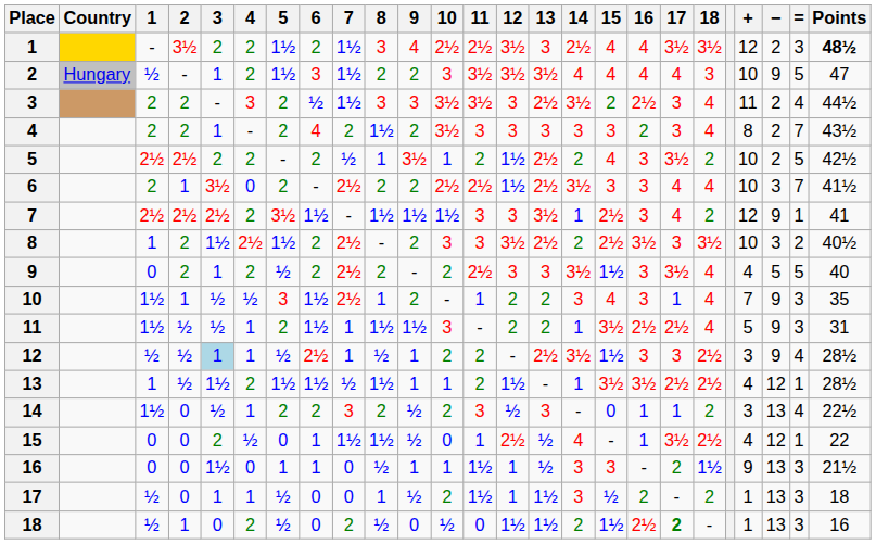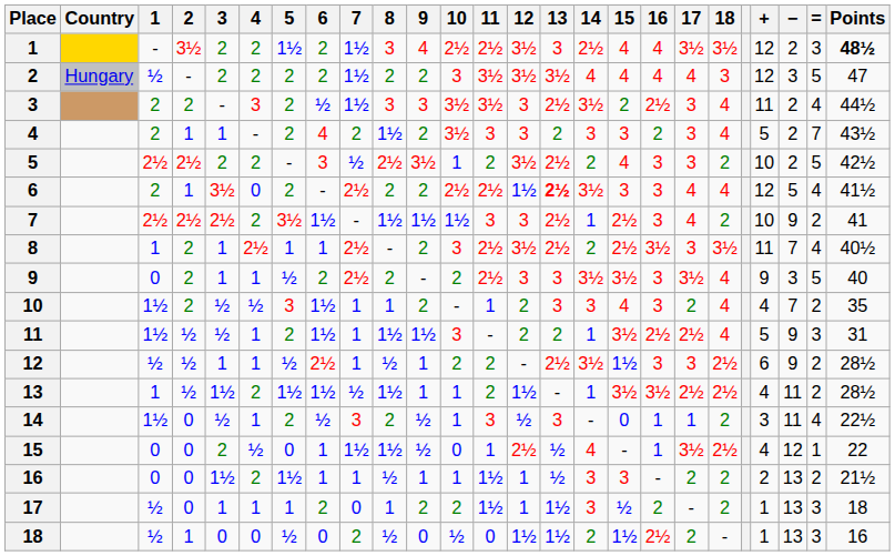 <table class="wikitable" style="text-align:center">
 <tr>
 <th>Place</th>
 <th>Country</th>
 <th>1</th>
 <th>2</th>
 <th>3</th>
 <th>4</th>
 <th>5</th>
 <th>6</th>
 <th>7</th>
 <th>8</th>
 <th>9</th>
 <th>10</th>
 <th>11</th>
 <th>12</th>
 <th>13</th>
 <th>14</th>
 <th>15</th>
 <th>16</th>
 <th>17</th>
 <th>18</th>
 <th></th>
 <th>+</th>
 <th>−</th>
 <th>=</th>
 <th>Points</th>
 </tr>
 <tr>
 <th>1</th>
 <td align=left bgcolor="gold"></td>
 <td>-</td>
 <td style="color: red;">3½</td>
 <td style="color: green">2</td>
 <td style="color: green">2</td>
 <td style="color: blue;">1½</td>
 <td style="color: green">2</td>
 <td style="color: blue;">1½</td>
 <td style="color: red;">3</td>
 <td style="color: red;">4</td>
 <td style="color: red;">2½</td>
 <td style="color: red;">2½</td>
 <td style="color: red;">3½</td>
 <td style="color: red;">3</td>
 <td style="color: red;">2½</td>
 <td style="color: red;">4</td>
 <td style="color: red;">4</td>
 <td style="color: red;">3½</td>
 <td style="color: red;">3½</td>
 <th></th>
 <td>12</td>
 <td>2</td>
 <td>3</td>
 <td><strong>48½</strong></td>
 </tr>
 <tr>
 <th>2</th>
 <td align=left bgcolor="silver"> <a href='#'>Hungary</a></td>
 <td style="color: blue;">½</td>
 <td>-</td>
-<td style="color: blue;">1</td>
 <td style="color: green">2</td>
-<td style="color: blue;">1½</td>
-<td style="color: red;">3</td>
+<td style="color: green">2</td>
+<td style="color: green">2</td>
+<td style="color: green">2</td>
 <td style="color: blue;">1½</td>
 <td style="color: green">2</td>
 <td style="color: green">2</td>
 <td style="color: red;">3</td>
 <td style="color: red;">3½</td>
 <td style="color: red;">3½</td>
 <td style="color: red;">3½</td>
 <td style="color: red;">4</td>
 <td style="color: red;">4</td>
 <td style="color: red;">4</td>
 <td style="color: red;">4</td>
 <td style="color: red;">3</td>
 <th></th>
-<td>10</td>
-<td>9</td>
+<td>12</td>
+<td>3</td>
 <td>5</td>
 <td>47</td>
 </tr>
 <tr>
 <th>3</th>
 <td align=left bgcolor="CC9966"></td>
 <td style="color: green">2</td>
 <td style="color: green">2</td>
 <td>-</td>
 <td style="color: red;">3</td>
 <td style="color: green">2</td>
 <td style="color: blue;">½</td>
 <td style="color: blue;">1½</td>
 <td style="color: red;">3</td>
 <td style="color: red;">3</td>
 <td style="color: red;">3½</td>
 <td style="color: red;">3½</td>
 <td style="color: red;">3</td>
 <td style="color: red;">2½</td>
 <td style="color: red;">3½</td>
 <td style="color: green">2</td>
 <td style="color: red;">2½</td>
 <td style="color: red;">3</td>
 <td style="color: red;">4</td>
 <th></th>
 <td>11</td>
 <td>2</td>
 <td>4</td>
 <td>44½</td>
 </tr>
 <tr>
 <th>4</th>
 <td align=left></td>
 <td style="color: green">2</td>
-<td style="color: green">2</td>
+<td style="color: blue;">1</td>
 <td style="color: blue;">1</td>
 <td>-</td>
 <td style="color: green">2</td>
 <td style="color: red;">4</td>
 <td style="color: green">2</td>
 <td style="color: blue;">1½</td>
 <td style="color: green">2</td>
 <td style="color: red;">3½</td>
 <td style="color: red;">3</td>
 <td style="color: red;">3</td>
-<td style="color: red;">3</td>
+<td style="color: green">2</td>
 <td style="color: red;">3</td>
 <td style="color: red;">3</td>
 <td style="color: green">2</td>
 <td style="color: red;">3</td>
 <td style="color: red;">4</td>
 <th></th>
-<td>8</td>
+<td>5</td>
 <td>2</td>
 <td>7</td>
 <td>43½</td>
 </tr>
 <tr>
 <th>5</th>
 <td align=left></td>
 <td style="color: red;">2½</td>
 <td style="color: red;">2½</td>
 <td style="color: green">2</td>
 <td style="color: green">2</td>
 <td>-</td>
-<td style="color: green">2</td>
+<td style="color: red;">3</td>
 <td style="color: blue;">½</td>
-<td style="color: blue;">1</td>
+<td style="color: red;">2½</td>
 <td style="color: red;">3½</td>
 <td style="color: blue;">1</td>
 <td style="color: green">2</td>
-<td style="color: blue;">1½</td>
+<td style="color: red;">3½</td>
 <td style="color: red;">2½</td>
 <td style="color: green">2</td>
 <td style="color: red;">4</td>
 <td style="color: red;">3</td>
-<td style="color: red;">3½</td>
+<td style="color: red;">3</td>
 <td style="color: green">2</td>
 <th></th>
 <td>10</td>
 <td>2</td>
 <td>5</td>
 <td>42½</td>
 </tr>
 <tr>
 <th>6</th>
 <td align=left></td>
 <td style="color: green">2</td>
 <td style="color: blue;">1</td>
 <td style="color: red;">3½</td>
 <td style="color: blue;">0</td>
 <td style="color: green">2</td>
 <td>-</td>
 <td style="color: red;">2½</td>
 <td style="color: green">2</td>
 <td style="color: green">2</td>
 <td style="color: red;">2½</td>
 <td style="color: red;">2½</td>
 <td style="color: blue;">1½</td>
-<td style="color: red;">2½</td>
+<td style="color: red;"><strong>2½</strong></td>
 <td style="color: red;">3½</td>
 <td style="color: red;">3</td>
 <td style="color: red;">3</td>
 <td style="color: red;">4</td>
 <td style="color: red;">4</td>
 <th></th>
-<td>10</td>
-<td>3</td>
-<td>7</td>
+<td>12</td>
+<td>5</td>
+<td>4</td>
 <td>41½</td>
 </tr>
 <tr>
 <th>7</th>
 <td align=left></td>
 <td style="color: red;">2½</td>
 <td style="color: red;">2½</td>
 <td style="color: red;">2½</td>
 <td style="color: green">2</td>
 <td style="color: red;">3½</td>
 <td style="color: blue;">1½</td>
 <td>-</td>
 <td style="color: blue;">1½</td>
 <td style="color: blue;">1½</td>
 <td style="color: blue;">1½</td>
 <td style="color: red;">3</td>
 <td style="color: red;">3</td>
-<td style="color: red;">3½</td>
+<td style="color: red;">2½</td>
 <td style="color: blue;">1</td>
 <td style="color: red;">2½</td>
 <td style="color: red;">3</td>
 <td style="color: red;">4</td>
 <td style="color: green">2</td>
 <th></th>
-<td>12</td>
+<td>10</td>
 <td>9</td>
-<td>1</td>
+<td>2</td>
 <td>41</td>
 </tr>
 <tr>
 <th>8</th>
 <td align=left></td>
 <td style="color: blue;">1</td>
 <td style="color: green">2</td>
-<td style="color: blue;">1½</td>
+<td style="color: blue;">1</td>
 <td style="color: red;">2½</td>
-<td style="color: blue;">1½</td>
-<td style="color: green">2</td>
+<td style="color: blue;">1</td>
+<td style="color: blue;">1</td>
 <td style="color: red;">2½</td>
 <td>-</td>
 <td style="color: green">2</td>
 <td style="color: red;">3</td>
-<td style="color: red;">3</td>
+<td style="color: red;">2½</td>
 <td style="color: red;">3½</td>
 <td style="color: red;">2½</td>
 <td style="color: green">2</td>
 <td style="color: red;">2½</td>
 <td style="color: red;">3½</td>
 <td style="color: red;">3</td>
 <td style="color: red;">3½</td>
 <th></th>
-<td>10</td>
-<td>3</td>
-<td>2</td>
+<td>11</td>
+<td>7</td>
+<td>4</td>
 <td>40½</td>
 </tr>
 <tr>
 <th>9</th>
 <td align=left></td>
 <td style="color: blue;">0</td>
 <td style="color: green">2</td>
 <td style="color: blue;">1</td>
-<td style="color: green">2</td>
+<td style="color: blue;">1</td>
 <td style="color: blue;">½</td>
 <td style="color: green">2</td>
 <td style="color: red;">2½</td>
 <td style="color: green">2</td>
 <td>-</td>
 <td style="color: green">2</td>
 <td style="color: red;">2½</td>
 <td style="color: red;">3</td>
 <td style="color: red;">3</td>
 <td style="color: red;">3½</td>
-<td style="color: blue;">1½</td>
+<td style="color: red;">3½</td>
 <td style="color: red;">3</td>
 <td style="color: red;">3½</td>
 <td style="color: red;">4</td>
 <th></th>
-<td>4</td>
-<td>5</td>
+<td>9</td>
+<td>3</td>
 <td>5</td>
 <td>40</td>
 </tr>
 <tr>
 <th>10</th>
 <td align=left></td>
 <td style="color: blue;">1½</td>
-<td style="color: blue;">1</td>
+<td style="color: green">2</td>
 <td style="color: blue;">½</td>
 <td style="color: blue;">½</td>
 <td style="color: red;">3</td>
 <td style="color: blue;">1½</td>
-<td style="color: red;">2½</td>
+<td style="color: blue;">1</td>
 <td style="color: blue;">1</td>
 <td style="color: green">2</td>
 <td>-</td>
 <td style="color: blue;">1</td>
 <td style="color: green">2</td>
-<td style="color: green">2</td>
+<td style="color: red;">3</td>
 <td style="color: red;">3</td>
 <td style="color: red;">4</td>
 <td style="color: red;">3</td>
-<td style="color: blue;">1</td>
+<td style="color: green">2</td>
 <td style="color: red;">4</td>
 <th></th>
+<td>4</td>
 <td>7</td>
-<td>9</td>
-<td>3</td>
+<td>2</td>
 <td>35</td>
 </tr>
 <tr>
 <th>11</th>
 <td align=left></td>
 <td style="color: blue;">1½</td>
 <td style="color: blue;">½</td>
 <td style="color: blue;">½</td>
 <td style="color: blue;">1</td>
 <td style="color: green">2</td>
 <td style="color: blue;">1½</td>
 <td style="color: blue;">1</td>
 <td style="color: blue;">1½</td>
 <td style="color: blue;">1½</td>
 <td style="color: red;">3</td>
 <td>-</td>
 <td style="color: green">2</td>
 <td style="color: green">2</td>
 <td style="color: blue;">1</td>
 <td style="color: red;">3½</td>
 <td style="color: red;">2½</td>
 <td style="color: red;">2½</td>
 <td style="color: red;">4</td>
 <th></th>
 <td>5</td>
 <td>9</td>
 <td>3</td>
 <td>31</td>
 </tr>
 <tr>
 <th>12</th>
 <td align=left></td>
 <td style="color: blue;">½</td>
 <td style="color: blue;">½</td>
-<td style="background: lightblue; color: blue;">1</td>
+<td style="color: blue;">1</td>
 <td style="color: blue;">1</td>
 <td style="color: blue;">½</td>
 <td style="color: red;">2½</td>
 <td style="color: blue;">1</td>
 <td style="color: blue;">½</td>
 <td style="color: blue;">1</td>
 <td style="color: green">2</td>
 <td style="color: green">2</td>
 <td>-</td>
 <td style="color: red;">2½</td>
 <td style="color: red;">3½</td>
 <td style="color: blue;">1½</td>
 <td style="color: red;">3</td>
 <td style="color: red;">3</td>
 <td style="color: red;">2½</td>
 <th></th>
-<td>3</td>
+<td>6</td>
 <td>9</td>
-<td>4</td>
+<td>2</td>
 <td>28½</td>
 </tr>
 <tr>
 <th>13</th>
 <td align=left></td>
 <td style="color: blue;">1</td>
 <td style="color: blue;">½</td>
 <td style="color: blue;">1½</td>
 <td style="color: green">2</td>
 <td style="color: blue;">1½</td>
 <td style="color: blue;">1½</td>
 <td style="color: blue;">½</td>
 <td style="color: blue;">1½</td>
 <td style="color: blue;">1</td>
 <td style="color: blue;">1</td>
 <td style="color: green">2</td>
 <td style="color: blue;">1½</td>
 <td>-</td>
 <td style="color: blue;">1</td>
 <td style="color: red;">3½</td>
 <td style="color: red;">3½</td>
 <td style="color: red;">2½</td>
 <td style="color: red;">2½</td>
 <th></th>
 <td>4</td>
-<td>12</td>
-<td>1</td>
+<td>11</td>
+<td>2</td>
 <td>28½</td>
 </tr>
 <tr>
 <th>14</th>
 <td align=left></td>
 <td style="color: blue;">1½</td>
 <td style="color: blue;">0</td>
 <td style="color: blue;">½</td>
 <td style="color: blue;">1</td>
 <td style="color: green">2</td>
-<td style="color: green">2</td>
+<td style="color: blue;">½</td>
 <td style="color: red;">3</td>
 <td style="color: green">2</td>
 <td style="color: blue;">½</td>
-<td style="color: green">2</td>
+<td style="color: blue;">1</td>
 <td style="color: red;">3</td>
 <td style="color: blue;">½</td>
 <td style="color: red;">3</td>
 <td>-</td>
 <td style="color: blue;">0</td>
 <td style="color: blue;">1</td>
 <td style="color: blue;">1</td>
 <td style="color: green">2</td>
 <th></th>
 <td>3</td>
-<td>13</td>
+<td>11</td>
 <td>4</td>
 <td>22½</td>
 </tr>
 <tr>
 <th>15</th>
 <td align=left></td>
 <td style="color: blue;">0</td>
 <td style="color: blue;">0</td>
 <td style="color: green">2</td>
 <td style="color: blue;">½</td>
 <td style="color: blue;">0</td>
 <td style="color: blue;">1</td>
 <td style="color: blue;">1½</td>
 <td style="color: blue;">1½</td>
 <td style="color: blue;">½</td>
 <td style="color: blue;">0</td>
 <td style="color: blue;">1</td>
 <td style="color: red;">2½</td>
 <td style="color: blue;">½</td>
 <td style="color: red;">4</td>
 <td>-</td>
 <td style="color: blue;">1</td>
 <td style="color: red;">3½</td>
 <td style="color: red;">2½</td>
 <th></th>
 <td>4</td>
 <td>12</td>
 <td>1</td>
 <td>22</td>
 </tr>
 <tr>
 <th>16</th>
 <td align=left></td>
 <td style="color: blue;">0</td>
 <td style="color: blue;">0</td>
 <td style="color: blue;">1½</td>
-<td style="color: blue;">0</td>
+<td style="color: green">2</td>
+<td style="color: blue;">1½</td>
 <td style="color: blue;">1</td>
 <td style="color: blue;">1</td>
-<td style="color: blue;">0</td>
 <td style="color: blue;">½</td>
 <td style="color: blue;">1</td>
 <td style="color: blue;">1</td>
 <td style="color: blue;">1½</td>
 <td style="color: blue;">1</td>
 <td style="color: blue;">½</td>
 <td style="color: red;">3</td>
 <td style="color: red;">3</td>
 <td>-</td>
 <td style="color: green">2</td>
-<td style="color: blue;">1½</td>
+<td style="color: green">2</td>
 <th></th>
-<td>9</td>
+<td>2</td>
 <td>13</td>
-<td>3</td>
+<td>2</td>
 <td>21½</td>
 </tr>
 <tr>
 <th>17</th>
 <td align=left></td>
 <td style="color: blue;">½</td>
 <td style="color: blue;">0</td>
 <td style="color: blue;">1</td>
 <td style="color: blue;">1</td>
-<td style="color: blue;">½</td>
-<td style="color: blue;">0</td>
+<td style="color: blue;">1</td>
+<td style="color: green">2</td>
 <td style="color: blue;">0</td>
 <td style="color: blue;">1</td>
-<td style="color: blue;">½</td>
+<td style="color: green">2</td>
 <td style="color: green">2</td>
 <td style="color: blue;">1½</td>
 <td style="color: blue;">1</td>
 <td style="color: blue;">1½</td>
 <td style="color: red;">3</td>
 <td style="color: blue;">½</td>
 <td style="color: green">2</td>
 <td>-</td>
 <td style="color: green">2</td>
 <th></th>
 <td>1</td>
 <td>13</td>
 <td>3</td>
 <td>18</td>
 </tr>
 <tr>
 <th>18</th>
 <td align=left></td>
 <td style="color: blue;">½</td>
 <td style="color: blue;">1</td>
 <td style="color: blue;">0</td>
-<td style="color: green">2</td>
+<td style="color: blue;">0</td>
 <td style="color: blue;">½</td>
 <td style="color: blue;">0</td>
 <td style="color: green">2</td>
 <td style="color: blue;">½</td>
 <td style="color: blue;">0</td>
 <td style="color: blue;">½</td>
 <td style="color: blue;">0</td>
 <td style="color: blue;">1½</td>
 <td style="color: blue;">1½</td>
 <td style="color: green">2</td>
 <td style="color: blue;">1½</td>
 <td style="color: red;">2½</td>
-<td style="color: green"><strong>2</strong></td>
+<td style="color: green">2</td>
 <td>-</td>
 <th></th>
 <td>1</td>
 <td>13</td>
 <td>3</td>
 <td>16</td>
 </tr>
 </table>
